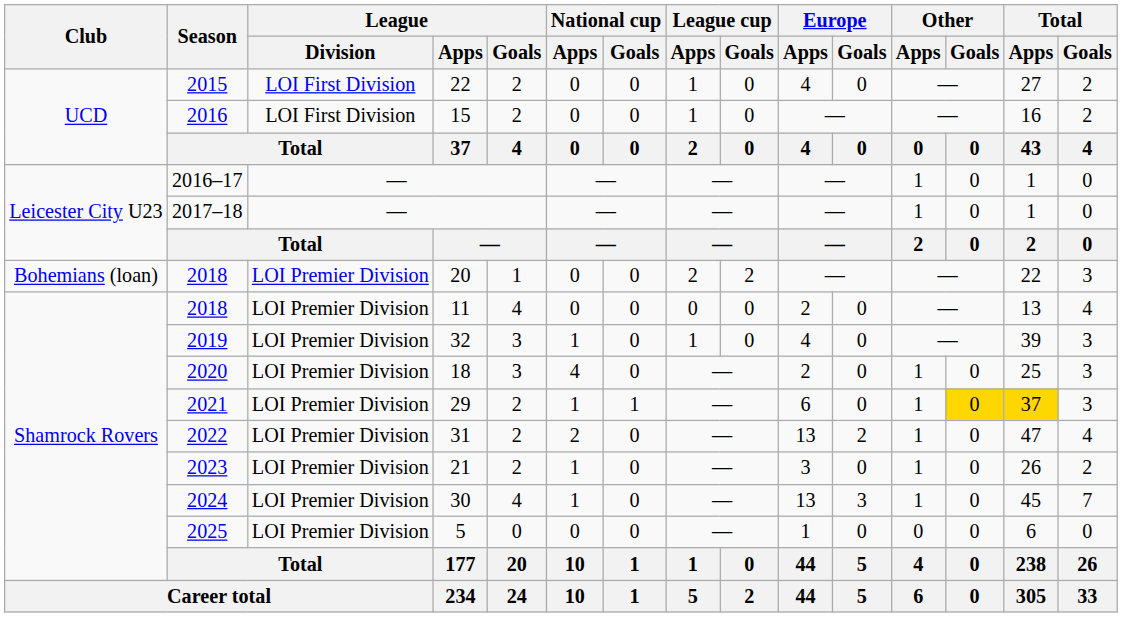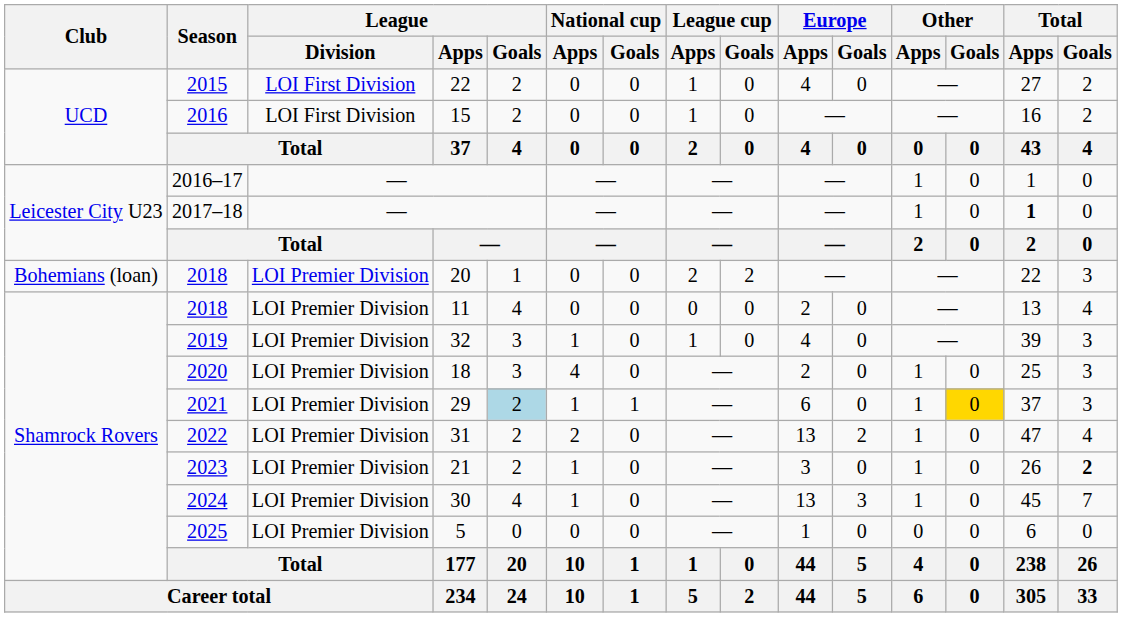 <table class="wikitable" Style="text-align: center">
 <tr>
 <th rowspan="2">Club</th>
 <th rowspan="2">Season</th>
 <th colspan="3">League</th>
 <th colspan="2">National cup</th>
 <th colspan="2">League cup</th>
 <th colspan="2"><a href='#'>Europe</a></th>
 <th colspan="2">Other</th>
 <th colspan="2">Total</th>
 </tr>
 <tr>
 <th>Division</th>
 <th>Apps</th>
 <th>Goals</th>
 <th>Apps</th>
 <th>Goals</th>
 <th>Apps</th>
 <th>Goals</th>
 <th>Apps</th>
 <th>Goals</th>
 <th>Apps</th>
 <th>Goals</th>
 <th>Apps</th>
 <th>Goals</th>
 </tr>
 <tr>
 <td rowspan="3"><a href='#'>UCD</a></td>
 <td><a href='#'>2015</a></td>
 <td><a href='#'>LOI First Division</a></td>
 <td>22</td>
 <td>2</td>
 <td>0</td>
 <td>0</td>
 <td>1</td>
 <td>0</td>
 <td>4</td>
 <td>0</td>
 <td colspan="2">—</td>
 <td>27</td>
 <td>2</td>
 </tr>
 <tr>
 <td><a href='#'>2016</a></td>
 <td>LOI First Division</td>
 <td>15</td>
 <td>2</td>
 <td>0</td>
 <td>0</td>
 <td>1</td>
 <td>0</td>
 <td colspan="2">—</td>
 <td colspan="2">—</td>
 <td>16</td>
 <td>2</td>
 </tr>
 <tr>
 <th colspan="2">Total</th>
 <th>37</th>
 <th>4</th>
 <th>0</th>
 <th>0</th>
 <th>2</th>
 <th>0</th>
 <th>4</th>
 <th>0</th>
 <th>0</th>
 <th>0</th>
 <th>43</th>
 <th>4</th>
 </tr>
 <tr>
 <td rowspan="3"><a href='#'>Leicester City</a> U23</td>
 <td>2016–17</td>
 <td colspan="3">—</td>
 <td colspan="2">—</td>
 <td colspan="2">—</td>
 <td colspan="2">—</td>
 <td>1</td>
 <td>0</td>
 <td>1</td>
 <td>0</td>
 </tr>
 <tr>
 <td>2017–18</td>
 <td colspan="3">—</td>
 <td colspan="2">—</td>
 <td colspan="2">—</td>
 <td colspan="2">—</td>
 <td>1</td>
 <td>0</td>
-<td>1</td>
+<td><strong>1</strong></td>
 <td>0</td>
 </tr>
 <tr>
 <th colspan="2">Total</th>
 <th colspan="2">—</th>
 <th colspan="2">—</th>
 <th colspan="2">—</th>
 <th colspan="2">—</th>
 <th>2</th>
 <th>0</th>
 <th>2</th>
 <th>0</th>
 </tr>
 <tr>
 <td><a href='#'>Bohemians</a> (loan)</td>
 <td><a href='#'>2018</a></td>
 <td><a href='#'>LOI Premier Division</a></td>
 <td>20</td>
 <td>1</td>
 <td>0</td>
 <td>0</td>
 <td>2</td>
 <td>2</td>
 <td colspan="2">—</td>
 <td colspan="2">—</td>
 <td>22</td>
 <td>3</td>
 </tr>
 <tr>
 <td rowspan="9"><a href='#'>Shamrock Rovers</a></td>
 <td><a href='#'>2018</a></td>
 <td>LOI Premier Division</td>
 <td>11</td>
 <td>4</td>
 <td>0</td>
 <td>0</td>
 <td>0</td>
 <td>0</td>
 <td>2</td>
 <td>0</td>
 <td colspan="2">—</td>
 <td>13</td>
 <td>4</td>
 </tr>
 <tr>
 <td><a href='#'>2019</a></td>
 <td>LOI Premier Division</td>
 <td>32</td>
 <td>3</td>
 <td>1</td>
 <td>0</td>
 <td>1</td>
 <td>0</td>
 <td>4</td>
 <td>0</td>
 <td colspan="2">—</td>
 <td>39</td>
 <td>3</td>
 </tr>
 <tr>
 <td><a href='#'>2020</a></td>
 <td>LOI Premier Division</td>
 <td>18</td>
 <td>3</td>
 <td>4</td>
 <td>0</td>
 <td colspan="2">—</td>
 <td>2</td>
 <td>0</td>
 <td>1</td>
 <td>0</td>
 <td>25</td>
 <td>3</td>
 </tr>
 <tr>
 <td><a href='#'>2021</a></td>
 <td>LOI Premier Division</td>
 <td>29</td>
-<td>2</td>
+<td style="background: lightblue;">2</td>
 <td>1</td>
 <td>1</td>
 <td colspan="2">—</td>
 <td>6</td>
 <td>0</td>
 <td>1</td>
 <td style="background: gold;">0</td>
-<td style="background: gold;">37</td>
+<td>37</td>
 <td>3</td>
 </tr>
 <tr>
 <td><a href='#'>2022</a></td>
 <td>LOI Premier Division</td>
 <td>31</td>
 <td>2</td>
 <td>2</td>
 <td>0</td>
 <td colspan="2">—</td>
 <td>13</td>
 <td>2</td>
 <td>1</td>
 <td>0</td>
 <td>47</td>
 <td>4</td>
 </tr>
 <tr>
 <td><a href='#'>2023</a></td>
 <td>LOI Premier Division</td>
 <td>21</td>
 <td>2</td>
 <td>1</td>
 <td>0</td>
 <td colspan="2">—</td>
 <td>3</td>
 <td>0</td>
 <td>1</td>
 <td>0</td>
 <td>26</td>
-<td>2</td>
+<td><strong>2</strong></td>
 </tr>
 <tr>
 <td><a href='#'>2024</a></td>
 <td>LOI Premier Division</td>
 <td>30</td>
 <td>4</td>
 <td>1</td>
 <td>0</td>
 <td colspan="2">—</td>
 <td>13</td>
 <td>3</td>
 <td>1</td>
 <td>0</td>
 <td>45</td>
 <td>7</td>
 </tr>
 <tr>
 <td><a href='#'>2025</a></td>
 <td>LOI Premier Division</td>
 <td>5</td>
 <td>0</td>
 <td>0</td>
 <td>0</td>
 <td colspan="2">—</td>
 <td>1</td>
 <td>0</td>
 <td>0</td>
 <td>0</td>
 <td>6</td>
 <td>0</td>
 </tr>
 <tr>
 <th colspan="2">Total</th>
 <th>177</th>
 <th>20</th>
 <th>10</th>
 <th>1</th>
 <th>1</th>
 <th>0</th>
 <th>44</th>
 <th>5</th>
 <th>4</th>
 <th>0</th>
 <th>238</th>
 <th>26</th>
 </tr>
 <tr>
 <th colspan="3">Career total</th>
 <th>234</th>
 <th>24</th>
 <th>10</th>
 <th>1</th>
 <th>5</th>
 <th>2</th>
 <th>44</th>
 <th>5</th>
 <th>6</th>
 <th>0</th>
 <th>305</th>
 <th>33</th>
 </tr>
 </table>
